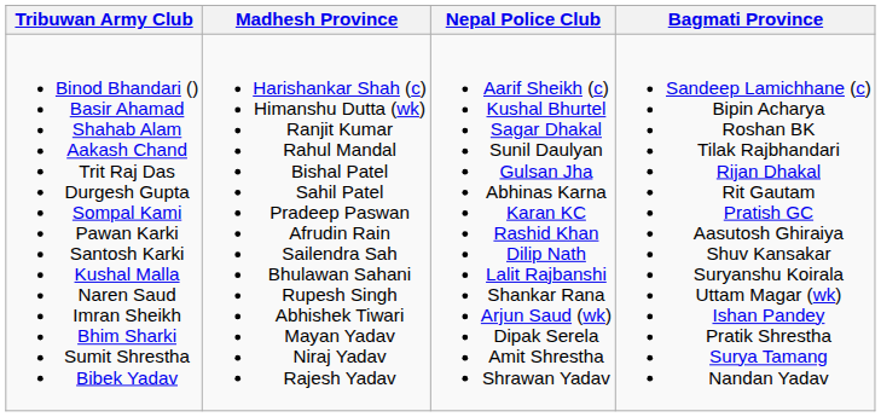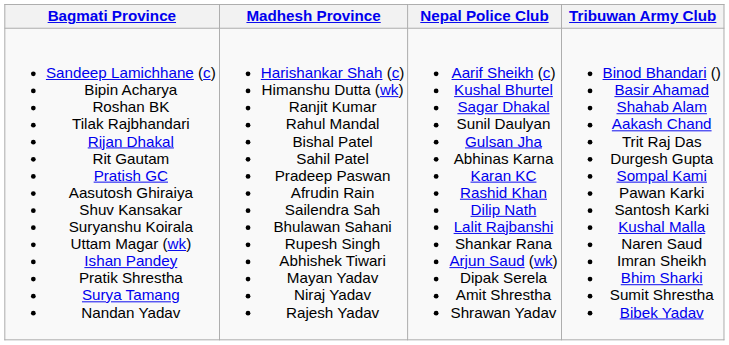 <table class="wikitable" style="text-align:center; margin:auto">
 <tr>
-<th><a href='#'>Tribuwan Army Club</a></th>
+<th><a href='#'>Bagmati Province</a></th>
 <th><a href='#'>Madhesh Province</a></th>
 <th><a href='#'>Nepal Police Club</a></th>
-<th><a href='#'>Bagmati Province</a></th>
+<th><a href='#'>Tribuwan Army Club</a></th>
 </tr>
 <tr style="vertical-align:top">
-<td><br><ul><li><a href='#'>Binod Bhandari</a> ()</li><li><a href='#'>Basir Ahamad</a></li><li><a href='#'>Shahab Alam</a></li><li><a href='#'>Aakash Chand</a></li><li>Trit Raj Das</li><li>Durgesh Gupta</li><li><a href='#'>Sompal Kami</a></li><li>Pawan Karki</li><li>Santosh Karki</li><li><a href='#'>Kushal Malla</a></li><li>Naren Saud</li><li>Imran Sheikh</li><li><a href='#'>Bhim Sharki</a></li><li>Sumit Shrestha</li><li><a href='#'>Bibek Yadav</a></li></ul></td>
+<td><br><ul><li><a href='#'>Sandeep Lamichhane</a> (<a href='#'>c</a>)</li><li>Bipin Acharya</li><li>Roshan BK</li><li>Tilak Rajbhandari</li><li><a href='#'>Rijan Dhakal</a></li><li>Rit Gautam</li><li><a href='#'>Pratish GC</a></li><li>Aasutosh Ghiraiya</li><li>Shuv Kansakar</li><li>Suryanshu Koirala</li><li>Uttam Magar (<a href='#'>wk</a>)</li><li><a href='#'>Ishan Pandey</a></li><li>Pratik Shrestha</li><li><a href='#'>Surya Tamang</a></li><li>Nandan Yadav</li></ul></td>
 <td><br><ul><li><a href='#'>Harishankar Shah</a> (<a href='#'>c</a>)</li><li>Himanshu Dutta (<a href='#'>wk</a>)</li><li>Ranjit Kumar</li><li>Rahul Mandal</li><li>Bishal Patel</li><li>Sahil Patel</li><li>Pradeep Paswan</li><li>Afrudin Rain</li><li>Sailendra Sah</li><li>Bhulawan Sahani</li><li>Rupesh Singh</li><li>Abhishek Tiwari</li><li>Mayan Yadav</li><li>Niraj Yadav</li><li>Rajesh Yadav</li></ul></td>
 <td><br><ul><li><a href='#'>Aarif Sheikh</a> (<a href='#'>c</a>)</li><li><a href='#'>Kushal Bhurtel</a></li><li><a href='#'>Sagar Dhakal</a></li><li>Sunil Daulyan</li><li><a href='#'>Gulsan Jha</a></li><li>Abhinas Karna</li><li><a href='#'>Karan KC</a></li><li><a href='#'>Rashid Khan</a></li><li><a href='#'>Dilip Nath</a></li><li><a href='#'>Lalit Rajbanshi</a></li><li>Shankar Rana</li><li><a href='#'>Arjun Saud</a> (<a href='#'>wk</a>)</li><li>Dipak Serela</li><li>Amit Shrestha</li><li>Shrawan Yadav</li></ul></td>
-<td><br><ul><li><a href='#'>Sandeep Lamichhane</a> (<a href='#'>c</a>)</li><li>Bipin Acharya</li><li>Roshan BK</li><li>Tilak Rajbhandari</li><li><a href='#'>Rijan Dhakal</a></li><li>Rit Gautam</li><li><a href='#'>Pratish GC</a></li><li>Aasutosh Ghiraiya</li><li>Shuv Kansakar</li><li>Suryanshu Koirala</li><li>Uttam Magar (<a href='#'>wk</a>)</li><li><a href='#'>Ishan Pandey</a></li><li>Pratik Shrestha</li><li><a href='#'>Surya Tamang</a></li><li>Nandan Yadav</li></ul></td>
+<td><br><ul><li><a href='#'>Binod Bhandari</a> ()</li><li><a href='#'>Basir Ahamad</a></li><li><a href='#'>Shahab Alam</a></li><li><a href='#'>Aakash Chand</a></li><li>Trit Raj Das</li><li>Durgesh Gupta</li><li><a href='#'>Sompal Kami</a></li><li>Pawan Karki</li><li>Santosh Karki</li><li><a href='#'>Kushal Malla</a></li><li>Naren Saud</li><li>Imran Sheikh</li><li><a href='#'>Bhim Sharki</a></li><li>Sumit Shrestha</li><li><a href='#'>Bibek Yadav</a></li></ul></td>
 </tr>
 </table>
